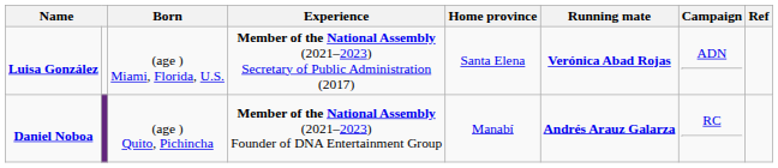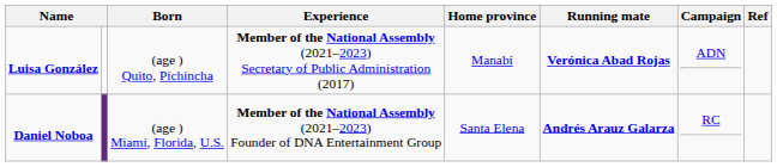 <table class="wikitable sortable" style="text-align:center;">
 <tr>
 <th scope="col" colspan=2>Name</th>
 <th>Born</th>
 <th class="unsortable">Experience</th>
 <th>Home province</th>
 <th>Running mate</th>
 <th>Campaign</th>
 <th>Ref</th>
 </tr>
 <tr>
 <td data-sort-value="Gonzalez, Luisa"><br><strong><a href='#'>Luisa González</a></strong></td>
 <td style="background:"></td>
-<td><br>(age )<br><a href='#'>Miami</a>, <a href='#'>Florida</a>, <a href='#'>U.S.</a></td>
+<td><br>(age )<br><a href='#'>Quito</a>, <a href='#'>Pichincha</a></td>
 <td><strong>Member of the <a href='#'>National Assembly</a></strong><br>(2021–<a href='#'>2023</a>)<br><a href='#'>Secretary of Public Administration</a><br>(2017)</td>
-<td><a href='#'>Santa Elena</a></td>
+<td><a href='#'>Manabí</a></td>
 <td><strong><a href='#'>Verónica Abad Rojas</a></strong></td>
 <td><br><a href='#'>ADN</a><hr><br></td>
 <td></td>
 </tr>
 <tr>
 <td data-sort-value="Noboa, Daniel"><br><strong><a href='#'>Daniel Noboa</a></strong></td>
 <td style="background:#63267D;"></td>
-<td><br>(age )<br><a href='#'>Quito</a>, <a href='#'>Pichincha</a></td>
+<td><br>(age )<br><a href='#'>Miami</a>, <a href='#'>Florida</a>, <a href='#'>U.S.</a></td>
 <td><strong>Member of the <a href='#'>National Assembly</a></strong><br>(2021–<a href='#'>2023</a>)<br>Founder of DNA Entertainment Group</td>
-<td><a href='#'>Manabí</a></td>
+<td><a href='#'>Santa Elena</a></td>
 <td><strong><a href='#'>Andrés Arauz Galarza</a></strong></td>
 <td><br><a href='#'>RC</a><hr><br></td>
 <td></td>
 </tr>
 </table>
